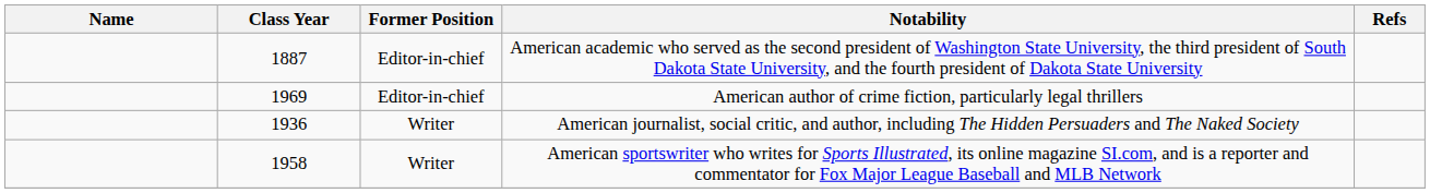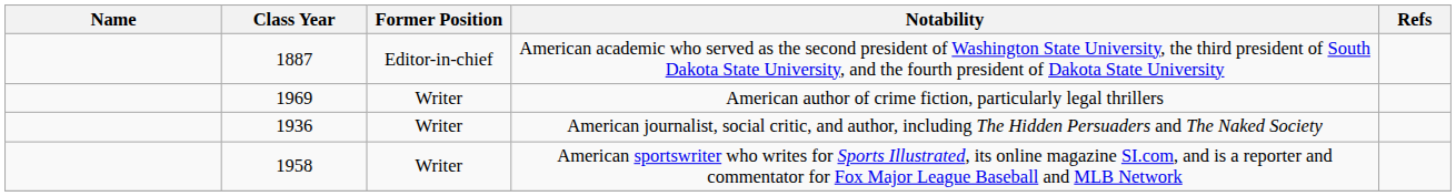 <table class="wikitable sortable" style="width:100%">
 <tr>
 <th width="15%">Name</th>
 <th width="10%">Class Year</th>
 <th width="10%">Former Position</th>
 <th width="*" class="unsortable">Notability</th>
 <th width="5%" class="unsortable">Refs</th>
 </tr>
 <tr>
 <td></td>
 <td align="center">1887</td>
 <td align="center">Editor-in-chief</td>
 <td align="center">American academic who served as the second president of <a href='#'>Washington State University</a>, the third president of <a href='#'>South Dakota State University</a>, and the fourth president of <a href='#'>Dakota State University</a></td>
 <td align="center"></td>
 </tr>
 <tr>
 <td></td>
 <td align="center">1969</td>
-<td align="center">Editor-in-chief</td>
+<td align="center">Writer</td>
 <td align="center">American author of crime fiction, particularly legal thrillers</td>
 <td align="center"></td>
 </tr>
 <tr>
 <td></td>
 <td align="center">1936</td>
 <td align="center">Writer</td>
 <td align="center">American journalist, social critic, and author, including <em>The Hidden Persuaders</em> and <em>The Naked Society</em></td>
 <td align="center"></td>
 </tr>
 <tr>
 <td></td>
 <td align="center">1958</td>
 <td align="center">Writer</td>
 <td align="center">American <a href='#'>sportswriter</a> who writes for <em><a href='#'>Sports Illustrated</a></em>, its online magazine <a href='#'>SI.com</a>, and is a reporter and commentator for <a href='#'>Fox Major League Baseball</a> and <a href='#'>MLB Network</a></td>
 <td align="center"></td>
 </tr>
 <tr>
 </tr>
 </table>
